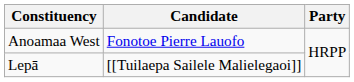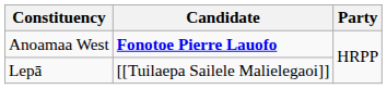 <table class=wikitable style=text-align:left>
 <tr>
 <th>Constituency</th>
 <th>Candidate</th>
 <th>Party</th>
 </tr>
 <tr>
 <td>Anoamaa West</td>
-<td><a href='#'>Fonotoe Pierre Lauofo</a></td>
+<td><strong><a href='#'>Fonotoe Pierre Lauofo</a></strong></td>
 <td rowspan="2">HRPP</td>
 </tr>
 <tr>
 <td>Lepā</td>
 <td>[[Tuilaepa Sailele Malielegaoi]]</td>
 </tr>
 </table>
